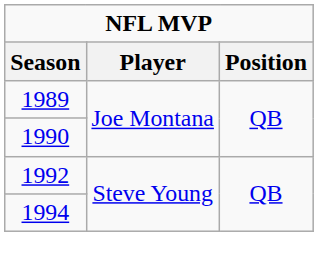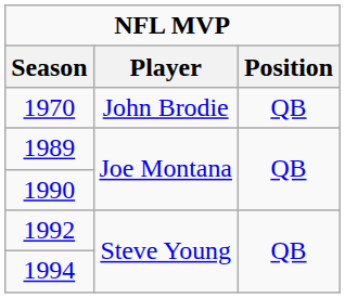 <table class="wikitable sortable" style="text-align:center">
 <tr>
 <td colspan="3"><strong>NFL MVP</strong></td>
 </tr>
 <tr>
 <th>Season</th>
 <th>Player</th>
 <th>Position</th>
+</tr>
+<tr>
+<td><a href='#'>1970</a></td>
+<td><a href='#'>John Brodie</a></td>
+<td><a href='#'>QB</a></td>
 </tr>
 <tr>
 <td><a href='#'>1989</a></td>
 <td rowspan=2><a href='#'>Joe Montana</a></td>
 <td rowspan=2><a href='#'>QB</a></td>
 </tr>
 <tr>
 <td><a href='#'>1990</a></td>
 </tr>
 <tr>
 <td><a href='#'>1992</a></td>
 <td rowspan=2><a href='#'>Steve Young</a></td>
 <td rowspan=2><a href='#'>QB</a></td>
 </tr>
 <tr>
 <td><a href='#'>1994</a></td>
 </tr>
 </table>
